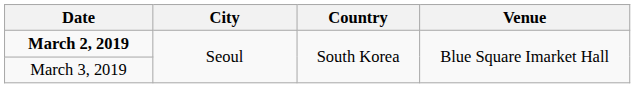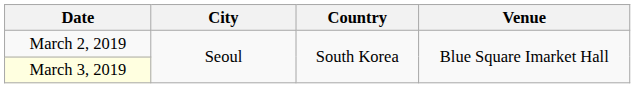 <table class="wikitable" style="text-align:center;">
 <tr>
 <th width="200">Date</th>
 <th width="200">City</th>
 <th width="150">Country</th>
 <th width="300">Venue</th>
 </tr>
 <tr>
-<td><strong>March 2, 2019</strong></td>
+<td>March 2, 2019</td>
 <td rowspan="2">Seoul</td>
 <td rowspan="2">South Korea</td>
 <td rowspan="2">Blue Square Imarket Hall</td>
 </tr>
 <tr>
-<td>March 3, 2019</td>
+<td style="background: lightyellow;">March 3, 2019</td>
 </tr>
 </table>
